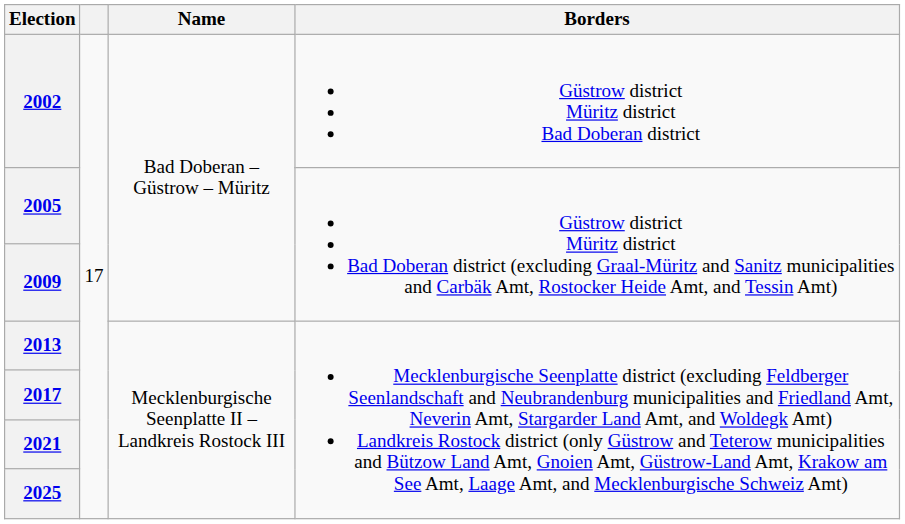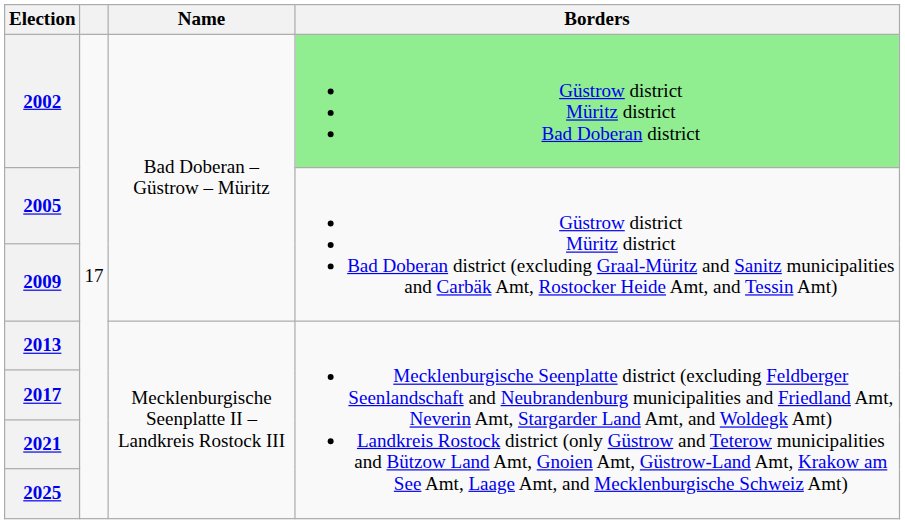 <table class=wikitable style="text-align:center">
 <tr>
 <th>Election</th>
 <th></th>
 <th width=150px>Name</th>
 <th width=500px>Borders</th>
 </tr>
 <tr>
 <th><a href='#'>2002</a></th>
 <td rowspan=7>17</td>
 <td rowspan=3>Bad Doberan – Güstrow – Müritz</td>
-<td><br><ul><li><a href='#'>Güstrow</a> district</li><li><a href='#'>Müritz</a> district</li><li><a href='#'>Bad Doberan</a> district</li></ul></td>
+<td style="background: lightgreen;"><br><ul><li><a href='#'>Güstrow</a> district</li><li><a href='#'>Müritz</a> district</li><li><a href='#'>Bad Doberan</a> district</li></ul></td>
 </tr>
 <tr>
 <th><a href='#'>2005</a></th>
 <td rowspan=2><br><ul><li><a href='#'>Güstrow</a> district</li><li><a href='#'>Müritz</a> district</li><li><a href='#'>Bad Doberan</a> district (excluding <a href='#'>Graal-Müritz</a> and <a href='#'>Sanitz</a> municipalities and <a href='#'>Carbäk</a> Amt, <a href='#'>Rostocker Heide</a> Amt, and <a href='#'>Tessin</a> Amt)</li></ul></td>
 </tr>
 <tr>
 <th><a href='#'>2009</a></th>
 </tr>
 <tr>
 <th><a href='#'>2013</a></th>
 <td rowspan=4>Mecklenburgische Seenplatte II – Landkreis Rostock III</td>
 <td rowspan=4><br><ul><li><a href='#'>Mecklenburgische Seenplatte</a> district (excluding <a href='#'>Feldberger Seenlandschaft</a> and <a href='#'>Neubrandenburg</a> municipalities and <a href='#'>Friedland</a> Amt, <a href='#'>Neverin</a> Amt, <a href='#'>Stargarder Land</a> Amt, and <a href='#'>Woldegk</a> Amt)</li><li><a href='#'>Landkreis Rostock</a> district (only <a href='#'>Güstrow</a> and <a href='#'>Teterow</a> municipalities and <a href='#'>Bützow Land</a> Amt, <a href='#'>Gnoien</a> Amt, <a href='#'>Güstrow-Land</a> Amt, <a href='#'>Krakow am See</a> Amt, <a href='#'>Laage</a> Amt, and <a href='#'>Mecklenburgische Schweiz</a> Amt)</li></ul></td>
 </tr>
 <tr>
 <th><a href='#'>2017</a></th>
 </tr>
 <tr>
 <th><a href='#'>2021</a></th>
 </tr>
 <tr>
 <th><a href='#'>2025</a></th>
 </tr>
 </table>
